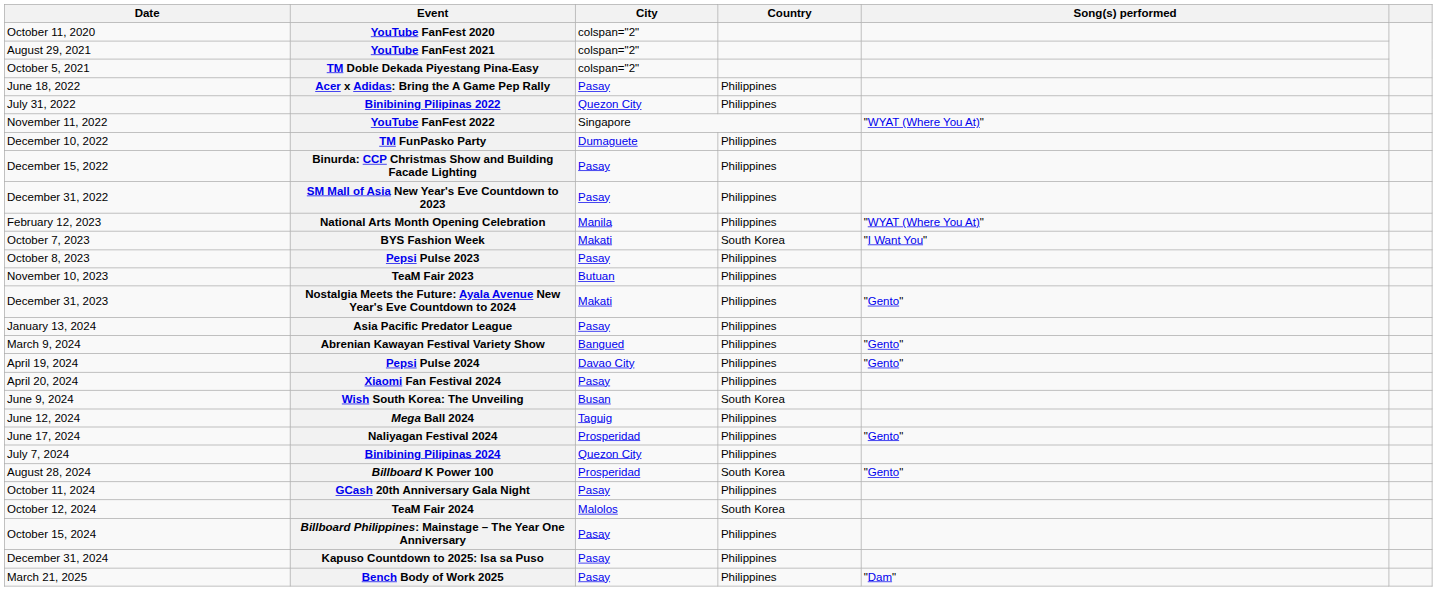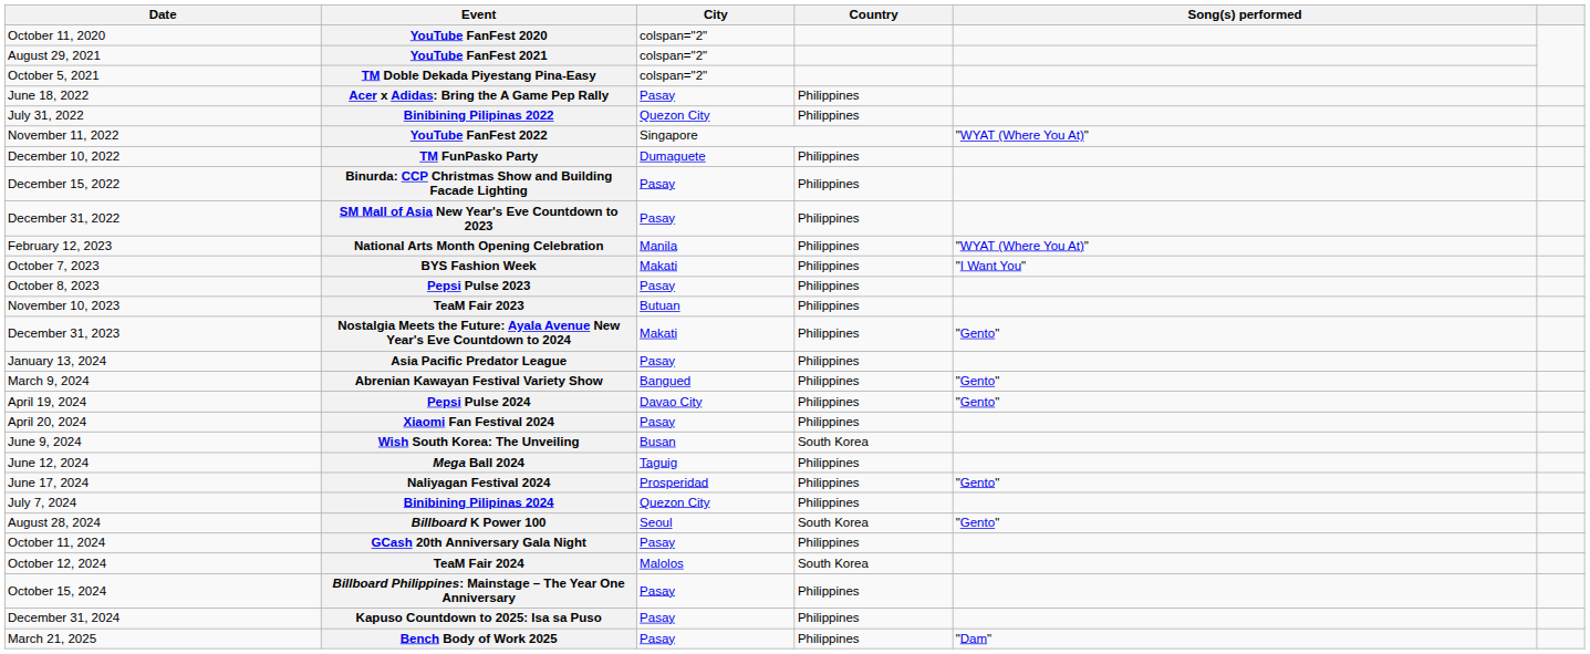 <table class="wikitable sortable plainrowheaders" width=100%>
 <tr>
 <th scope="col" width="20%">Date</th>
 <th scope="col" width="20%">Event</th>
 <th scope="col" width="10%">City</th>
 <th scope="col" width="10%">Country</th>
 <th scope="col" width="37%">Song(s) performed</th>
 <th scope="col" width="3%" class="unsortable"></th>
 </tr>
 <tr>
 <td>October 11, 2020</td>
 <th scope="row"><a href='#'>YouTube</a> FanFest 2020</th>
 <td>colspan="2" </td>
 <td></td>
 <td style="text-align:center;"></td>
 </tr>
 <tr>
 <td>August 29, 2021</td>
 <th scope="row"><a href='#'>YouTube</a> FanFest 2021</th>
 <td>colspan="2" </td>
 <td></td>
 <td style="text-align:center;"></td>
 </tr>
 <tr>
 <td>October 5, 2021</td>
 <th scope="row"><a href='#'>TM</a> Doble Dekada Piyestang Pina-Easy</th>
 <td>colspan="2" </td>
 <td></td>
 <td style="text-align:center;"></td>
 </tr>
 <tr>
 <td>June 18, 2022</td>
 <th scope="row"><a href='#'>Acer</a> x <a href='#'>Adidas</a>: Bring the A Game Pep Rally</th>
 <td><a href='#'>Pasay</a></td>
 <td>Philippines</td>
 <td></td>
 <td style="text-align:center;"></td>
 </tr>
 <tr>
 <td>July 31, 2022</td>
 <th scope="row"><a href='#'>Binibining Pilipinas 2022</a></th>
 <td><a href='#'>Quezon City</a></td>
 <td>Philippines</td>
 <td></td>
 <td style="text-align:center;"></td>
 </tr>
 <tr>
 <td>November 11, 2022</td>
 <th scope="row"><a href='#'>YouTube</a> FanFest 2022</th>
 <td colspan="2">Singapore</td>
 <td>"<a href='#'>WYAT (Where You At)</a>"</td>
 <td style="text-align:center;"></td>
 </tr>
 <tr>
 <td>December 10, 2022</td>
 <th scope="row"><a href='#'>TM</a> FunPasko Party</th>
 <td><a href='#'>Dumaguete</a></td>
 <td>Philippines</td>
 <td></td>
 <td style="text-align:center;"></td>
 </tr>
 <tr>
 <td>December 15, 2022</td>
 <th scope="row">Binurda: <a href='#'>CCP</a> Christmas Show and Building Facade Lighting</th>
 <td><a href='#'>Pasay</a></td>
 <td>Philippines</td>
 <td></td>
 <td style="text-align:center;"></td>
 </tr>
 <tr>
 <td>December 31, 2022</td>
 <th scope="row"><a href='#'>SM Mall of Asia</a> New Year's Eve Countdown to 2023</th>
 <td><a href='#'>Pasay</a></td>
 <td>Philippines</td>
 <td></td>
 <td style="text-align:center;"></td>
 </tr>
 <tr>
 <td>February 12, 2023</td>
 <th scope="row">National Arts Month Opening Celebration</th>
 <td><a href='#'>Manila</a></td>
 <td>Philippines</td>
 <td>"<a href='#'>WYAT (Where You At)</a>"</td>
 <td style="text-align:center;"></td>
 </tr>
 <tr>
 <td>October 7, 2023</td>
 <th scope="row">BYS Fashion Week</th>
 <td><a href='#'>Makati</a></td>
-<td>South Korea</td>
+<td>Philippines</td>
 <td>"<a href='#'>I Want You</a>"</td>
 <td style="text-align:center;"></td>
 </tr>
 <tr>
 <td>October 8, 2023</td>
 <th scope="row"><a href='#'>Pepsi</a> Pulse 2023</th>
 <td><a href='#'>Pasay</a></td>
 <td>Philippines</td>
 <td></td>
 <td style="text-align:center;"></td>
 </tr>
 <tr>
 <td>November 10, 2023</td>
 <th scope="row">TeaM Fair 2023</th>
 <td><a href='#'>Butuan</a></td>
 <td>Philippines</td>
 <td></td>
 <td style="text-align:center;"></td>
 </tr>
 <tr>
 <td>December 31, 2023</td>
 <th scope="row">Nostalgia Meets the Future: <a href='#'>Ayala Avenue</a> New Year's Eve Countdown to 2024</th>
 <td><a href='#'>Makati</a></td>
 <td>Philippines</td>
 <td>"<a href='#'>Gento</a>"</td>
 <td style="text-align:center;"></td>
 </tr>
 <tr>
 <td>January 13, 2024</td>
 <th scope="row">Asia Pacific Predator League</th>
 <td><a href='#'>Pasay</a></td>
 <td>Philippines</td>
 <td></td>
 <td style="text-align:center;"></td>
 </tr>
 <tr>
 <td>March 9, 2024</td>
 <th scope="row">Abrenian Kawayan Festival Variety Show</th>
 <td><a href='#'>Bangued</a></td>
 <td>Philippines</td>
 <td>"<a href='#'>Gento</a>"</td>
 <td style="text-align:center;"></td>
 </tr>
 <tr>
 <td>April 19, 2024</td>
 <th scope="row"><a href='#'>Pepsi</a> Pulse 2024</th>
 <td><a href='#'>Davao City</a></td>
 <td>Philippines</td>
 <td>"<a href='#'>Gento</a>"</td>
 <td style="text-align:center;"></td>
 </tr>
 <tr>
 <td>April 20, 2024</td>
 <th scope="row"><a href='#'>Xiaomi</a> Fan Festival 2024</th>
 <td><a href='#'>Pasay</a></td>
 <td>Philippines</td>
 <td></td>
 <td style="text-align:center;"></td>
 </tr>
 <tr>
 <td>June 9, 2024</td>
 <th scope="row"><a href='#'>Wish</a> South Korea: The Unveiling</th>
 <td><a href='#'>Busan</a></td>
 <td>South Korea</td>
 <td></td>
 <td style="text-align:center;"></td>
 </tr>
 <tr>
 <td>June 12, 2024</td>
 <th scope="row"><em>Mega</em> Ball 2024</th>
 <td><a href='#'>Taguig</a></td>
 <td>Philippines</td>
 <td></td>
 <td style="text-align:center;"></td>
 </tr>
 <tr>
 <td>June 17, 2024</td>
 <th scope="row">Naliyagan Festival 2024</th>
 <td><a href='#'>Prosperidad</a></td>
 <td>Philippines</td>
 <td>"<a href='#'>Gento</a>"</td>
 <td style="text-align:center;"></td>
 </tr>
 <tr>
 <td>July 7, 2024</td>
 <th scope="row"><a href='#'>Binibining Pilipinas 2024</a></th>
 <td><a href='#'>Quezon City</a></td>
 <td>Philippines</td>
 <td></td>
 <td style="text-align:center;"></td>
 </tr>
 <tr>
 <td>August 28, 2024</td>
 <th scope="row"><em>Billboard</em> K Power 100</th>
-<td><a href='#'>Prosperidad</a></td>
+<td><a href='#'>Seoul</a></td>
 <td>South Korea</td>
 <td>"<a href='#'>Gento</a>"</td>
 <td style="text-align:center;"></td>
 </tr>
 <tr>
 <td>October 11, 2024</td>
 <th scope="row"><a href='#'>GCash</a> 20th Anniversary Gala Night</th>
 <td><a href='#'>Pasay</a></td>
 <td>Philippines</td>
 <td></td>
 <td style="text-align:center;"></td>
 </tr>
 <tr>
 <td>October 12, 2024</td>
 <th scope="row">TeaM Fair 2024</th>
 <td><a href='#'>Malolos</a></td>
 <td>South Korea</td>
 <td></td>
 <td style="text-align:center;"></td>
 </tr>
 <tr>
 <td>October 15, 2024</td>
 <th scope="row"><em>Billboard Philippines</em>: Mainstage – The Year One Anniversary</th>
 <td><a href='#'>Pasay</a></td>
 <td>Philippines</td>
 <td></td>
 <td style="text-align:center;"></td>
 </tr>
 <tr>
 <td>December 31, 2024</td>
 <th scope="row">Kapuso Countdown to 2025: Isa sa Puso</th>
 <td><a href='#'>Pasay</a></td>
 <td>Philippines</td>
 <td></td>
 <td style="text-align:center;"></td>
 </tr>
 <tr>
 <td>March 21, 2025</td>
 <th scope="row"><a href='#'>Bench</a> Body of Work 2025</th>
 <td><a href='#'>Pasay</a></td>
 <td>Philippines</td>
 <td>"<a href='#'>Dam</a>"</td>
 <td style="text-align:center;"></td>
 </tr>
 </table>
